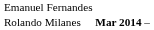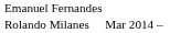 <table border="0">
 <tr>
 <td></td>
 <td>Emanuel Fernandes</td>
 <td></td>
 <td></td>
 </tr>
 <tr>
 <td></td>
 <td>Rolando Milanes</td>
-<td align="right"><strong>Mar 2014</strong></td>
+<td align="right">Mar 2014</td>
 <td>–</td>
 <td align="left"></td>
 </tr>
 </table>
